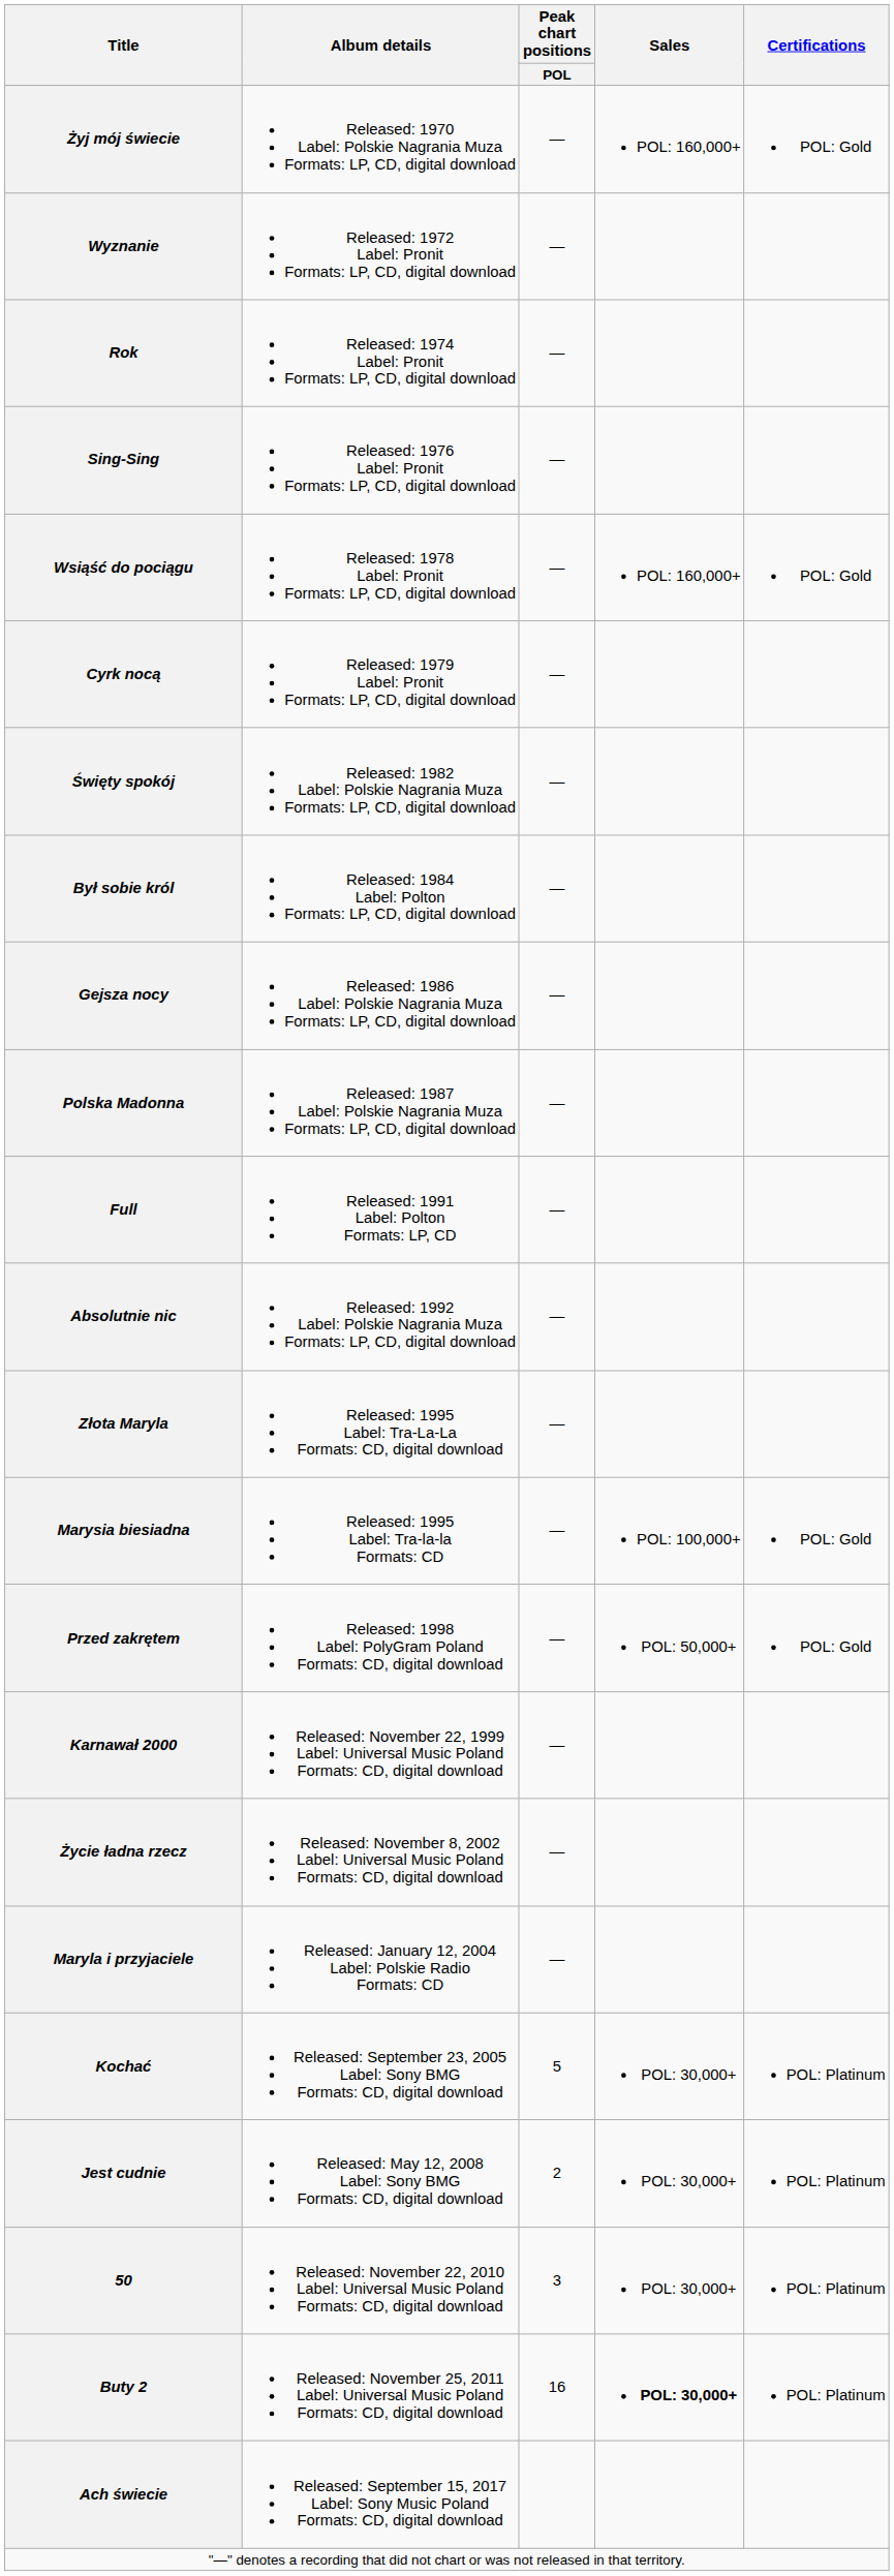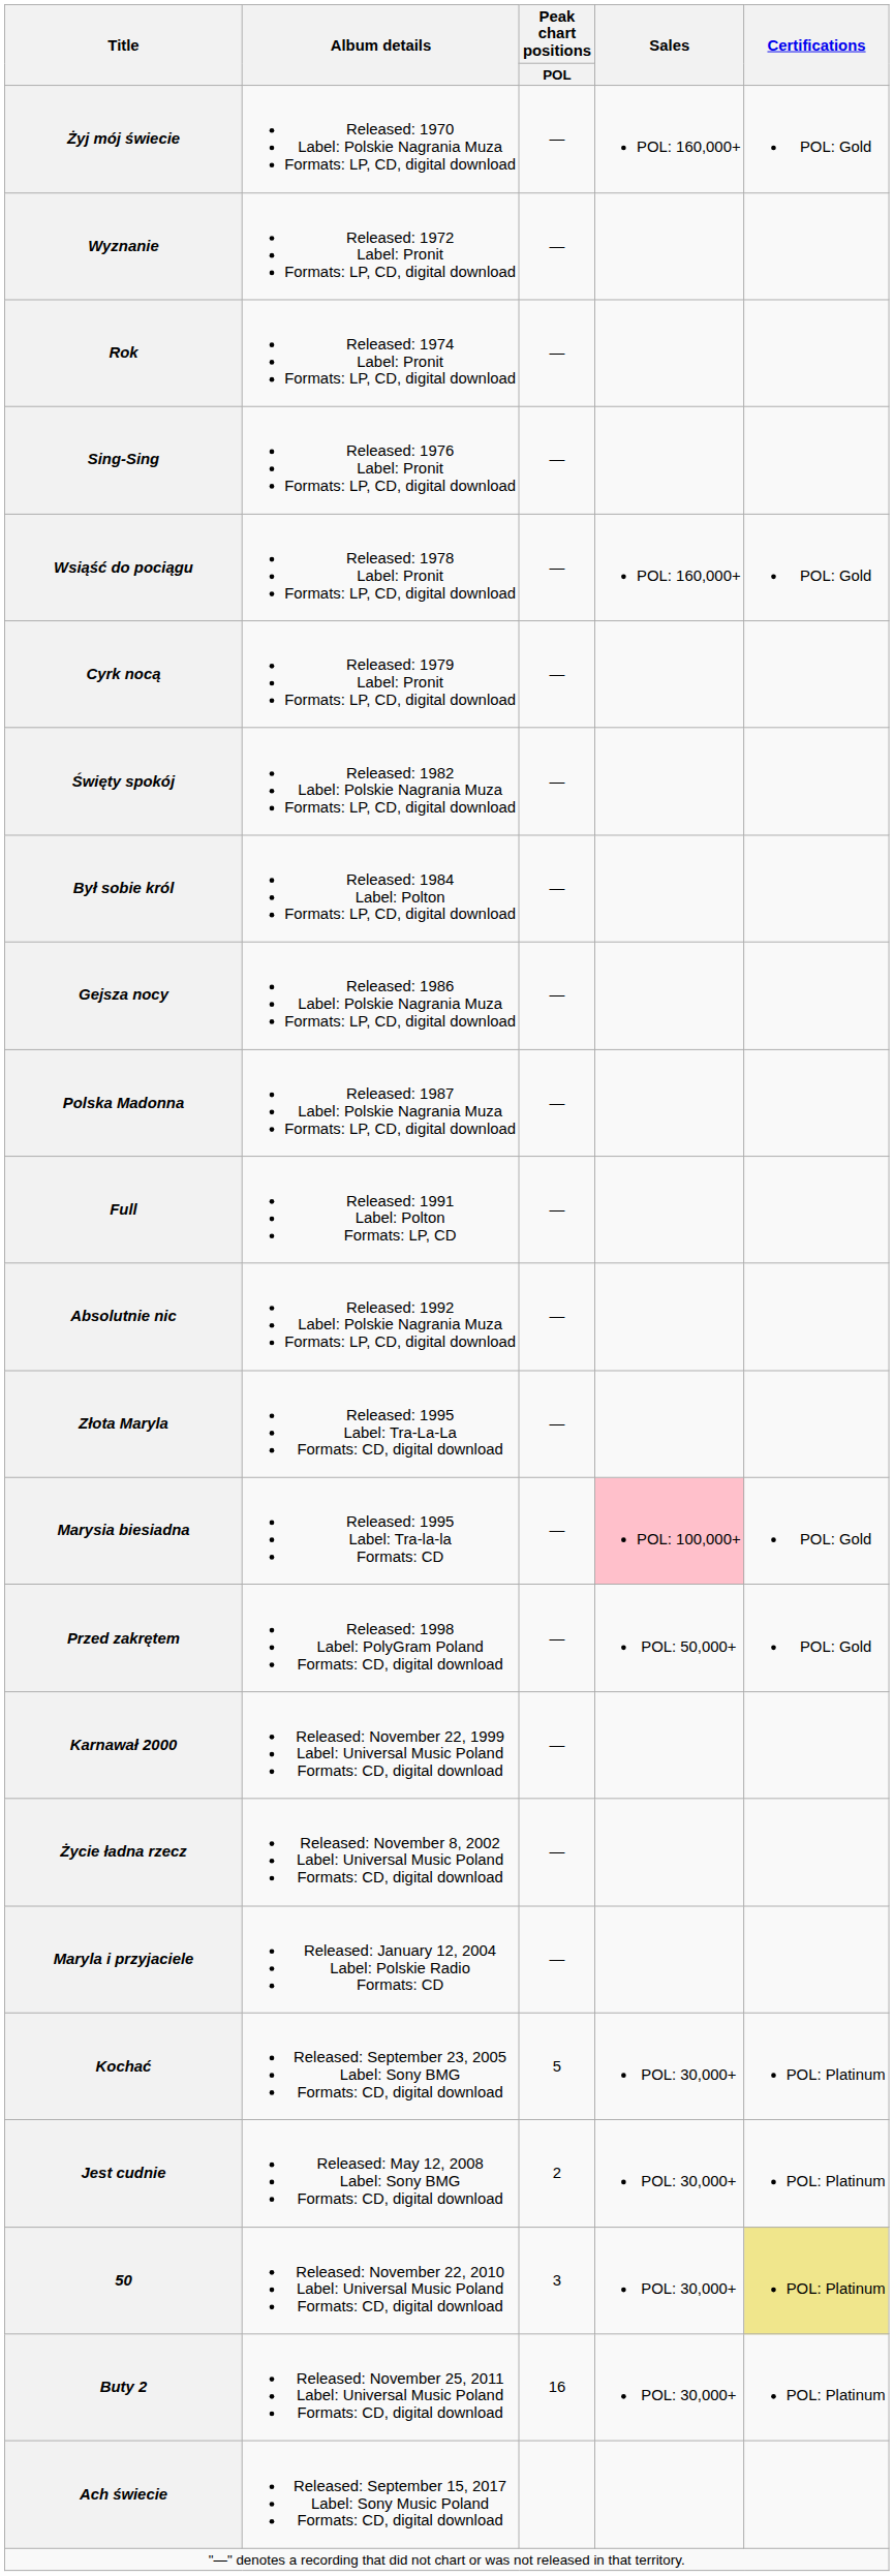 <table class="wikitable plainrowheaders" style="text-align:center;">
 <tr>
 <th scope="col" rowspan=2 style="width:15em;">Title</th>
 <th scope="col" rowspan=2>Album details</th>
 <th scope="col">Peak chart positions</th>
 <th scope="col" rowspan=2>Sales</th>
 <th scope="col" rowspan=2><a href='#'>Certifications</a></th>
 </tr>
 <tr>
 <th scope="col" style="width:3em;font-size:90%;">POL<br></th>
 </tr>
 <tr>
 <th scope="row"><em>Żyj mój świecie</em></th>
 <td><br><ul><li>Released: 1970</li><li>Label: Polskie Nagrania Muza</li><li>Formats: LP, CD, digital download</li></ul></td>
 <td>—</td>
 <td><br><ul><li>POL: 160,000+</li></ul></td>
 <td><br><ul><li>POL: Gold</li></ul></td>
 </tr>
 <tr>
 <th scope="row"><em>Wyznanie</em></th>
 <td><br><ul><li>Released: 1972</li><li>Label: Pronit</li><li>Formats: LP, CD, digital download</li></ul></td>
 <td>—</td>
 <td></td>
 <td></td>
 </tr>
 <tr>
 <th scope="row"><em>Rok</em></th>
 <td><br><ul><li>Released: 1974</li><li>Label: Pronit</li><li>Formats: LP, CD, digital download</li></ul></td>
 <td>—</td>
 <td></td>
 <td></td>
 </tr>
 <tr>
 <th scope="row"><em>Sing-Sing</em></th>
 <td><br><ul><li>Released: 1976</li><li>Label: Pronit</li><li>Formats: LP, CD, digital download</li></ul></td>
 <td>—</td>
 <td></td>
 <td></td>
 </tr>
 <tr>
 <th scope="row"><em>Wsiąść do pociągu</em></th>
 <td><br><ul><li>Released: 1978</li><li>Label: Pronit</li><li>Formats: LP, CD, digital download</li></ul></td>
 <td>—</td>
 <td><br><ul><li>POL: 160,000+</li></ul></td>
 <td><br><ul><li>POL: Gold</li></ul></td>
 </tr>
 <tr>
 <th scope="row"><em>Cyrk nocą</em></th>
 <td><br><ul><li>Released: 1979</li><li>Label: Pronit</li><li>Formats: LP, CD, digital download</li></ul></td>
 <td>—</td>
 <td></td>
 <td></td>
 </tr>
 <tr>
 <th scope="row"><em>Święty spokój</em></th>
 <td><br><ul><li>Released: 1982</li><li>Label: Polskie Nagrania Muza</li><li>Formats: LP, CD, digital download</li></ul></td>
 <td>—</td>
 <td></td>
 <td></td>
 </tr>
 <tr>
 <th scope="row"><em>Był sobie król</em></th>
 <td><br><ul><li>Released: 1984</li><li>Label: Polton</li><li>Formats: LP, CD, digital download</li></ul></td>
 <td>—</td>
 <td></td>
 <td></td>
 </tr>
 <tr>
 <th scope="row"><em>Gejsza nocy</em></th>
 <td><br><ul><li>Released: 1986</li><li>Label: Polskie Nagrania Muza</li><li>Formats: LP, CD, digital download</li></ul></td>
 <td>—</td>
 <td></td>
 <td></td>
 </tr>
 <tr>
 <th scope="row"><em>Polska Madonna</em></th>
 <td><br><ul><li>Released: 1987</li><li>Label: Polskie Nagrania Muza</li><li>Formats: LP, CD, digital download</li></ul></td>
 <td>—</td>
 <td></td>
 <td></td>
 </tr>
 <tr>
 <th scope="row"><em>Full</em></th>
 <td><br><ul><li>Released: 1991</li><li>Label: Polton</li><li>Formats: LP, CD</li></ul></td>
 <td>—</td>
 <td></td>
 <td></td>
 </tr>
 <tr>
 <th scope="row"><em>Absolutnie nic</em></th>
 <td><br><ul><li>Released: 1992</li><li>Label: Polskie Nagrania Muza</li><li>Formats: LP, CD, digital download</li></ul></td>
 <td>—</td>
 <td></td>
 <td></td>
 </tr>
 <tr>
 <th scope="row"><em>Złota Maryla</em></th>
 <td><br><ul><li>Released: 1995</li><li>Label: Tra-La-La</li><li>Formats: CD, digital download</li></ul></td>
 <td>—</td>
 <td></td>
 <td></td>
 </tr>
 <tr>
 <th scope="row"><em>Marysia biesiadna</em></th>
 <td><br><ul><li>Released: 1995</li><li>Label: Tra-la-la</li><li>Formats: CD</li></ul></td>
 <td>—</td>
-<td><br><ul><li>POL: 100,000+</li></ul></td>
+<td style="background: pink;"><br><ul><li>POL: 100,000+</li></ul></td>
 <td><br><ul><li>POL: Gold</li></ul></td>
 </tr>
 <tr>
 <th scope="row"><em>Przed zakrętem</em></th>
 <td><br><ul><li>Released: 1998</li><li>Label: PolyGram Poland</li><li>Formats: CD, digital download</li></ul></td>
 <td>—</td>
 <td><br><ul><li>POL: 50,000+</li></ul></td>
 <td><br><ul><li>POL: Gold</li></ul></td>
 </tr>
 <tr>
 <th scope="row"><em>Karnawał 2000</em></th>
 <td><br><ul><li>Released: November 22, 1999</li><li>Label: Universal Music Poland</li><li>Formats: CD, digital download</li></ul></td>
 <td>—</td>
 <td></td>
 <td></td>
 </tr>
 <tr>
 <th scope="row"><em>Życie ładna rzecz</em></th>
 <td><br><ul><li>Released: November 8, 2002</li><li>Label: Universal Music Poland</li><li>Formats: CD, digital download</li></ul></td>
 <td>—</td>
 <td></td>
 <td></td>
 </tr>
 <tr>
 <th scope="row"><em>Maryla i przyjaciele</em></th>
 <td><br><ul><li>Released: January 12, 2004</li><li>Label: Polskie Radio</li><li>Formats: CD</li></ul></td>
 <td>—</td>
 <td></td>
 <td></td>
 </tr>
 <tr>
 <th scope="row"><em>Kochać</em></th>
 <td><br><ul><li>Released: September 23, 2005</li><li>Label: Sony BMG</li><li>Formats: CD, digital download</li></ul></td>
 <td>5</td>
 <td><br><ul><li>POL: 30,000+</li></ul></td>
 <td><br><ul><li>POL: Platinum</li></ul></td>
 </tr>
 <tr>
 <th scope="row"><em>Jest cudnie</em></th>
 <td><br><ul><li>Released: May 12, 2008</li><li>Label: Sony BMG</li><li>Formats: CD, digital download</li></ul></td>
 <td>2</td>
 <td><br><ul><li>POL: 30,000+</li></ul></td>
 <td><br><ul><li>POL: Platinum</li></ul></td>
 </tr>
 <tr>
 <th scope="row"><em>50</em></th>
 <td><br><ul><li>Released: November 22, 2010</li><li>Label: Universal Music Poland</li><li>Formats: CD, digital download</li></ul></td>
 <td>3</td>
 <td><br><ul><li>POL: 30,000+</li></ul></td>
-<td><br><ul><li>POL: Platinum</li></ul></td>
+<td style="background: khaki;"><br><ul><li>POL: Platinum</li></ul></td>
 </tr>
 <tr>
 <th scope="row"><em>Buty 2</em></th>
 <td><br><ul><li>Released: November 25, 2011</li><li>Label: Universal Music Poland</li><li>Formats: CD, digital download</li></ul></td>
 <td>16</td>
-<td><strong><br><ul><li>POL: 30,000+</li></ul></strong></td>
+<td><br><ul><li>POL: 30,000+</li></ul></td>
 <td><br><ul><li>POL: Platinum</li></ul></td>
 </tr>
 <tr>
 <th scope="row"><em>Ach świecie</em></th>
 <td><br><ul><li>Released: September 15, 2017</li><li>Label: Sony Music Poland</li><li>Formats: CD, digital download</li></ul></td>
 <td></td>
 <td></td>
 <td></td>
 </tr>
 <tr>
 <td colspan=20 style="font-size:90%">"—" denotes a recording that did not chart or was not released in that territory.</td>
 </tr>
 </table>
